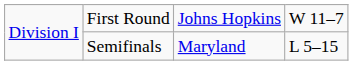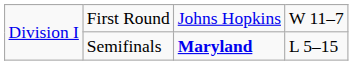 <table class="wikitable">
 <tr>
 <td rowspan="5"><a href='#'>Division I</a></td>
 <td>First Round</td>
 <td><a href='#'>Johns Hopkins</a></td>
 <td>W 11–7</td>
 </tr>
 <tr>
 <td>Semifinals</td>
-<td><a href='#'>Maryland</a></td>
+<td><strong><a href='#'>Maryland</a></strong></td>
 <td>L 5–15</td>
 </tr>
 </table>
